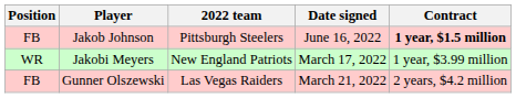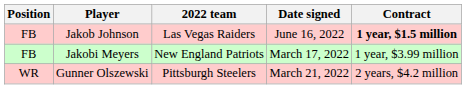 <table class="wikitable" style="text-align:center">
 <tr>
 <th>Position</th>
 <th>Player</th>
 <th>2022 team</th>
 <th>Date signed</th>
 <th>Contract</th>
 </tr>
 <tr style="background:#fcc;">
 <td Fullback (gridiron football)>FB</td>
 <td>Jakob Johnson</td>
-<td 2022 Pittsburgh Steelers season>Pittsburgh Steelers</td>
+<td 2022 Las Vegas Raiders season>Las Vegas Raiders</td>
 <td>June 16, 2022</td>
 <td><strong>1 year, $1.5 million</strong></td>
 </tr>
 <tr style="background:#cfc;">
-<td Wide receiver>WR</td>
+<td Fullback (gridiron football)>FB</td>
 <td>Jakobi Meyers</td>
 <td>New England Patriots</td>
 <td>March 17, 2022</td>
 <td>1 year, $3.99 million</td>
 </tr>
 <tr style="background:#fcc;">
-<td Fullback (gridiron football)>FB</td>
+<td>WR</td>
 <td>Gunner Olszewski</td>
-<td 2022 Las Vegas Raiders season>Las Vegas Raiders</td>
+<td 2022 Pittsburgh Steelers season>Pittsburgh Steelers</td>
 <td>March 21, 2022</td>
 <td>2 years, $4.2 million</td>
 </tr>
 </table>
